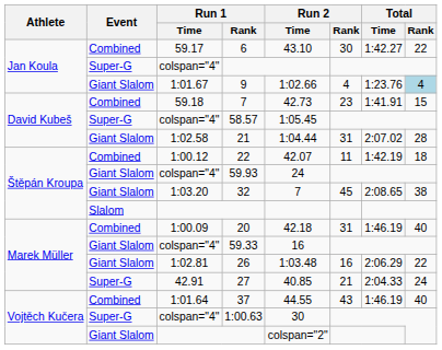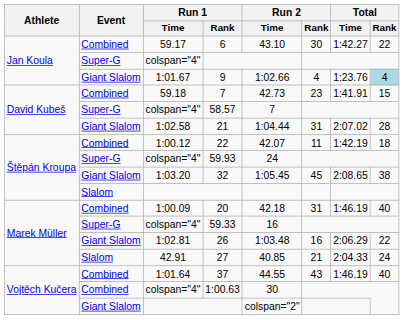 <table class="wikitable" style="font-size:90%">
 <tr>
 <th rowspan=2>Athlete</th>
 <th rowspan=2>Event</th>
 <th colspan=2>Run 1</th>
 <th colspan=2>Run 2</th>
 <th colspan=2>Total</th>
 </tr>
 <tr style="font-size:95%">
 <th>Time</th>
 <th>Rank</th>
 <th>Time</th>
 <th>Rank</th>
 <th>Time</th>
 <th>Rank</th>
 </tr>
 <tr align=center>
 <td rowspan="3" align="left"><a href='#'>Jan Koula</a></td>
 <td align="left"><a href='#'>Combined</a></td>
 <td>59.17</td>
 <td>6</td>
 <td>43.10</td>
 <td>30</td>
 <td>1:42.27</td>
 <td>22</td>
 </tr>
 <tr align=center>
 <td align="left"><a href='#'>Super-G</a></td>
 <td>colspan="4"</td>
 <td colspan="2"></td>
 </tr>
 <tr align=center>
 <td align="left"><a href='#'>Giant Slalom</a></td>
 <td>1:01.67</td>
 <td>9</td>
 <td>1:02.66</td>
 <td>4</td>
 <td>1:23.76</td>
 <td style="background: lightblue;">4</td>
 </tr>
 <tr align=center>
 <td rowspan="3" align="left"><a href='#'>David Kubeš</a></td>
 <td align="left"><a href='#'>Combined</a></td>
 <td>59.18</td>
 <td>7</td>
 <td>42.73</td>
 <td>23</td>
 <td>1:41.91</td>
 <td>15</td>
 </tr>
 <tr align=center>
 <td align="left"><a href='#'>Super-G</a></td>
 <td>colspan="4"</td>
 <td>58.57</td>
-<td>1:05.45</td>
+<td>7</td>
 </tr>
 <tr align=center>
 <td align="left"><a href='#'>Giant Slalom</a></td>
 <td>1:02.58</td>
 <td>21</td>
 <td>1:04.44</td>
 <td>31</td>
 <td>2:07.02</td>
 <td>28</td>
 </tr>
 <tr align=center>
 <td rowspan="4" align="left"><a href='#'>Štěpán Kroupa</a></td>
 <td align="left"><a href='#'>Combined</a></td>
 <td>1:00.12</td>
 <td>22</td>
 <td>42.07</td>
 <td>11</td>
 <td>1:42.19</td>
 <td>18</td>
 </tr>
 <tr align=center>
-<td align="left"><a href='#'>Giant Slalom</a></td>
+<td align="left"><a href='#'>Super-G</a></td>
 <td>colspan="4"</td>
 <td>59.93</td>
 <td>24</td>
 </tr>
 <tr align=center>
 <td align="left"><a href='#'>Giant Slalom</a></td>
 <td>1:03.20</td>
 <td>32</td>
-<td>7</td>
+<td>1:05.45</td>
 <td>45</td>
 <td>2:08.65</td>
 <td>38</td>
 </tr>
 <tr align=center>
 <td align="left"><a href='#'>Slalom</a></td>
 <td colspan="2"></td>
 <td></td>
 <td></td>
 <td colspan="2"></td>
 </tr>
 <tr align=center>
 <td rowspan="4" align="left"><a href='#'>Marek Müller</a></td>
 <td align="left"><a href='#'>Combined</a></td>
 <td>1:00.09</td>
 <td>20</td>
 <td>42.18</td>
 <td>31</td>
 <td>1:46.19</td>
 <td>40</td>
 </tr>
 <tr align=center>
-<td align="left"><a href='#'>Giant Slalom</a></td>
+<td align="left"><a href='#'>Super-G</a></td>
 <td>colspan="4"</td>
 <td>59.33</td>
 <td>16</td>
 </tr>
 <tr align=center>
 <td align="left"><a href='#'>Giant Slalom</a></td>
 <td>1:02.81</td>
 <td>26</td>
 <td>1:03.48</td>
 <td>16</td>
 <td>2:06.29</td>
 <td>22</td>
 </tr>
 <tr align=center>
-<td align="left"><a href='#'>Super-G</a></td>
+<td align="left"><a href='#'>Slalom</a></td>
 <td>42.91</td>
 <td>27</td>
 <td>40.85</td>
 <td>21</td>
 <td>2:04.33</td>
 <td>24</td>
 </tr>
 <tr align=center>
 <td rowspan="3" align="left"><a href='#'>Vojtěch Kučera</a></td>
 <td align="left"><a href='#'>Combined</a></td>
 <td>1:01.64</td>
 <td>37</td>
 <td>44.55</td>
 <td>43</td>
 <td>1:46.19</td>
 <td>40</td>
 </tr>
 <tr align=center>
-<td align="left"><a href='#'>Super-G</a></td>
+<td align="left"><a href='#'>Combined</a></td>
 <td>colspan="4"</td>
 <td>1:00.63</td>
 <td>30</td>
 </tr>
 <tr align=center>
 <td align="left"><a href='#'>Giant Slalom</a></td>
 <td colspan="2"></td>
 <td>colspan="2"</td>
 <td colspan="2"></td>
 </tr>
 </table>
